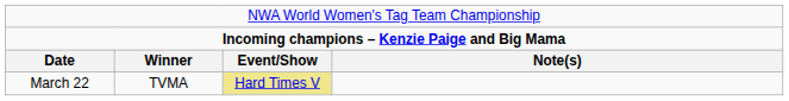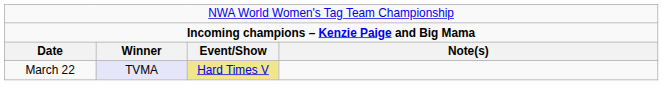 <table class="wikitable" style="text-align:center; width:100%;">
 <tr>
 <td colspan="4" style="text-align: center;"><a href='#'>NWA World Women's Tag Team Championship</a></td>
 </tr>
 <tr>
 <td colspan="4" style="text-align: center;"><strong>Incoming champions – <a href='#'>Kenzie Paige</a> and Big Mama</strong></td>
 </tr>
 <tr>
 <th width=14%>Date</th>
 <th width=14%>Winner</th>
 <th width=14%>Event/Show</th>
 <th width=58%>Note(s)</th>
 </tr>
 <tr>
 <td>March 22<br></td>
-<td>TVMA<br></td>
+<td style="background: lavender;">TVMA<br></td>
 <td style="background: khaki;"><a href='#'>Hard Times V</a></td>
 <td></td>
 </tr>
 </table>
